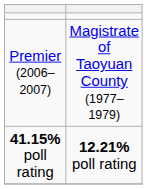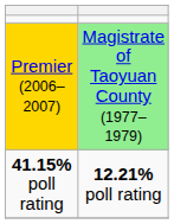 <table class="wikitable" style="font-size:100%">
 <tr>
 <th scope="col" style="width:3em; font-size:120%; background:"></th>
 <th scope="col" style="width:3em; font-size:120%; background:"></th>
 </tr>
 <tr>
 <td></td>
 <td></td>
 </tr>
 <tr style="text-align:center">
-<td><a href='#'>Premier</a><br><small>(2006–2007)</small></td>
-<td><a href='#'>Magistrate of<br>Taoyuan County</a><br><small>(1977–1979)</small></td>
+<td style="background: gold;"><a href='#'>Premier</a><br><small>(2006–2007)</small></td>
+<td style="background: lightgreen;"><a href='#'>Magistrate of<br>Taoyuan County</a><br><small>(1977–1979)</small></td>
 </tr>
 <tr style="text-align:center">
 <td><strong>41.15%</strong> poll rating</td>
 <td><strong>12.21%</strong> poll rating</td>
 </tr>
 <tr>
 </tr>
 </table>
